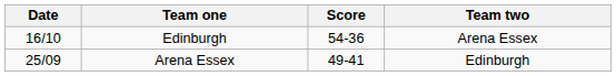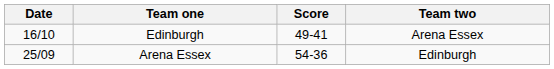 <table class="wikitable" style="text-align: center">
 <tr>
 <th width=80>Date</th>
 <th width=250>Team one</th>
 <th width=80>Score</th>
 <th width=250>Team two</th>
 </tr>
 <tr>
 <td>16/10</td>
 <td>Edinburgh</td>
-<td>54-36</td>
+<td>49-41</td>
 <td>Arena Essex</td>
 </tr>
 <tr>
 <td>25/09</td>
 <td>Arena Essex</td>
-<td>49-41</td>
+<td>54-36</td>
 <td>Edinburgh</td>
 </tr>
 </table>
